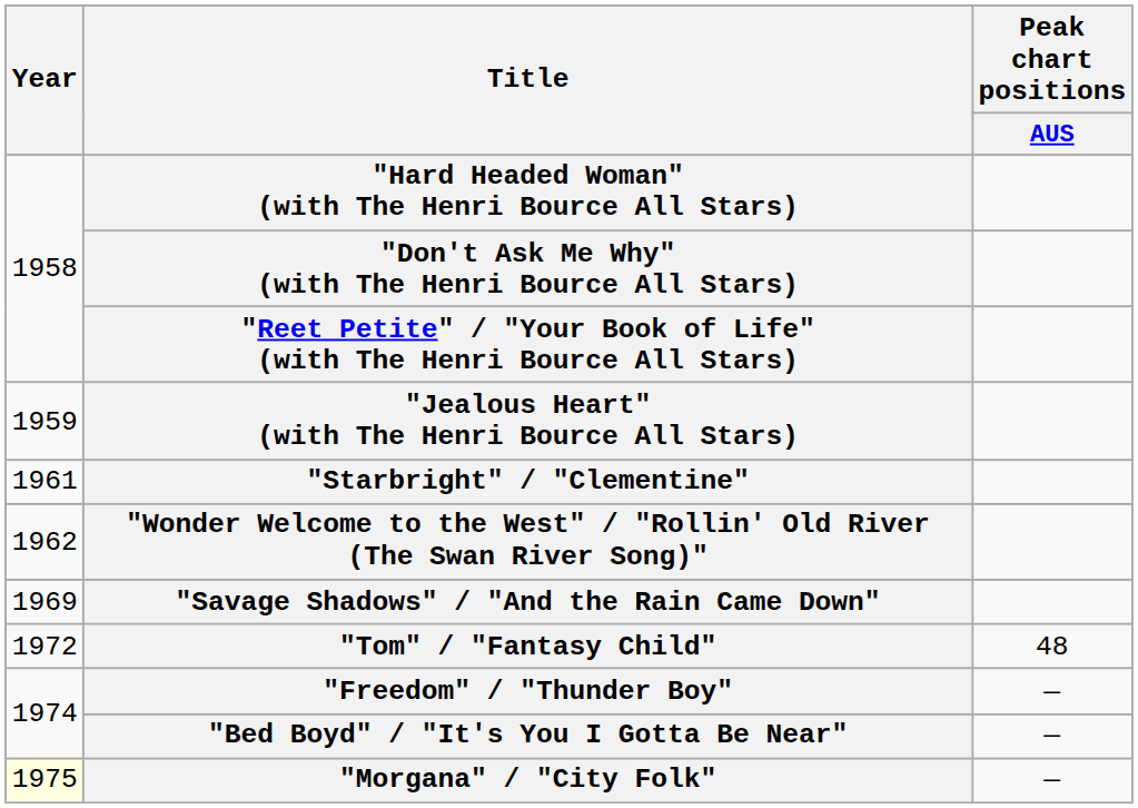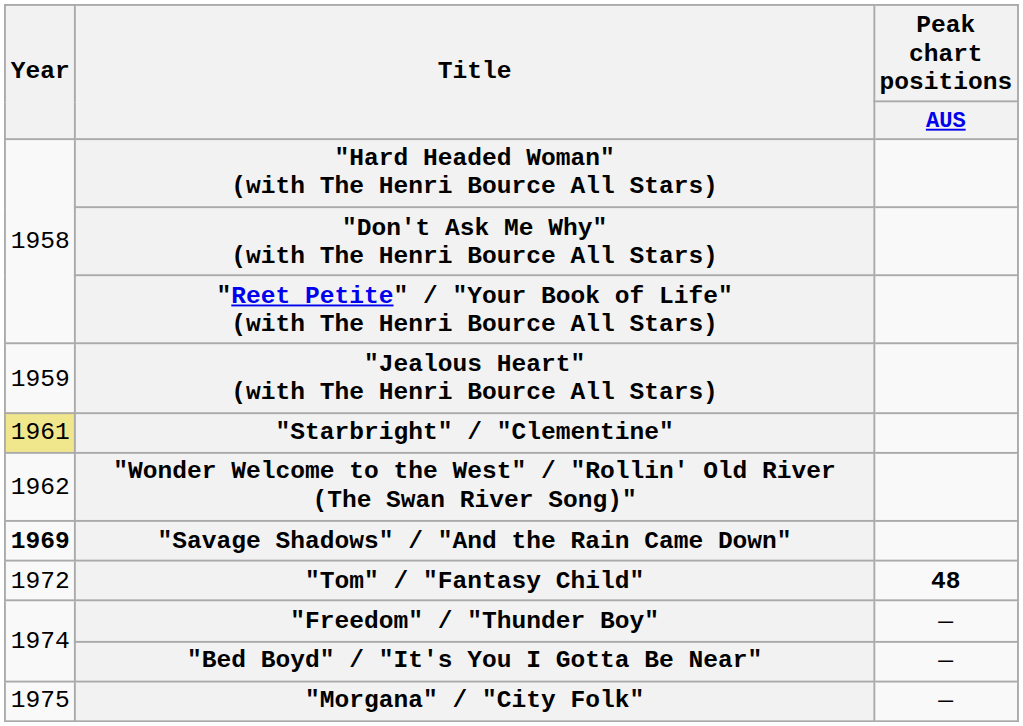 <table class="wikitable plainrowheaders" style="text-align:center">
 <tr>
 <th scope="col" rowspan="2">Year</th>
 <th scope="col" rowspan="2" style="width:32em;">Title</th>
 <th scope="col" colspan="1">Peak chart positions</th>
 </tr>
 <tr>
 <th scope="col" style="width:3em; font-size:90%"><a href='#'>AUS</a><br></th>
 </tr>
 <tr>
 <td rowspan="3">1958</td>
 <th scope="row">"Hard Headed Woman" <br> (with The Henri Bource All Stars)</th>
 <td></td>
 </tr>
 <tr>
 <th scope="row">"Don't Ask Me Why" <br> (with The Henri Bource All Stars)</th>
 <td></td>
 </tr>
 <tr>
 <th scope="row">"<a href='#'>Reet Petite</a>" / "Your Book of Life" <br> (with The Henri Bource All Stars)</th>
 <td></td>
 </tr>
 <tr>
 <td>1959</td>
 <th scope="row">"Jealous Heart" <br> (with The Henri Bource All Stars)</th>
 <td></td>
 </tr>
 <tr>
-<td>1961</td>
+<td style="background: khaki;">1961</td>
 <th scope="row">"Starbright" / "Clementine"</th>
 <td></td>
 </tr>
 <tr>
 <td>1962</td>
 <th scope="row">"Wonder Welcome to the West" / "Rollin' Old River (The Swan River Song)"</th>
 <td></td>
 </tr>
 <tr>
-<td>1969</td>
+<td><strong>1969</strong></td>
 <th scope="row">"Savage Shadows" / "And the Rain Came Down"</th>
 <td></td>
 </tr>
 <tr>
 <td>1972</td>
 <th scope="row">"Tom" / "Fantasy Child"</th>
-<td>48</td>
+<td><strong>48</strong></td>
 </tr>
 <tr>
 <td rowspan="2">1974</td>
 <th scope="row">"Freedom" / "Thunder Boy"</th>
 <td>—</td>
 </tr>
 <tr>
 <th scope="row">"Bed Boyd" / "It's You I Gotta Be Near"</th>
 <td>—</td>
 </tr>
 <tr>
-<td style="background: lightyellow;">1975</td>
+<td>1975</td>
 <th scope="row">"Morgana" / "City Folk"</th>
 <td>—</td>
 </tr>
 </table>
